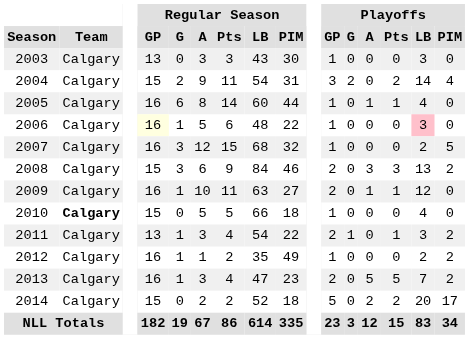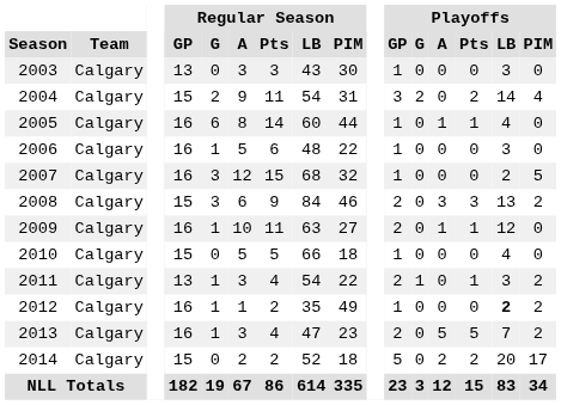 <table BORDER="0" CELLPADDING="3" CELLSPACING="0">
 <tr ALIGN="center" bgcolor="#e0e0e0">
 <th colspan="2" bgcolor="#ffffff"> </th>
 <th rowspan="99" bgcolor="#ffffff"> </th>
 <th colspan="6">Regular Season</th>
 <th rowspan="99" bgcolor="#ffffff"> </th>
 <th colspan="6">Playoffs</th>
 </tr>
 <tr ALIGN="center" bgcolor="#e0e0e0">
 <th>Season</th>
 <th>Team</th>
 <th>GP</th>
 <th>G</th>
 <th>A</th>
 <th>Pts</th>
 <th>LB</th>
 <th>PIM</th>
 <th>GP</th>
 <th>G</th>
 <th>A</th>
 <th>Pts</th>
 <th>LB</th>
 <th>PIM</th>
 </tr>
 <tr ALIGN="center" bgcolor="#f0f0f0">
 <td>2003</td>
 <td>Calgary</td>
 <td>13</td>
 <td>0</td>
 <td>3</td>
 <td>3</td>
 <td>43</td>
 <td>30</td>
 <td>1</td>
 <td>0</td>
 <td>0</td>
 <td>0</td>
 <td>3</td>
 <td>0</td>
 </tr>
 <tr ALIGN="center">
 <td>2004</td>
 <td>Calgary</td>
 <td>15</td>
 <td>2</td>
 <td>9</td>
 <td>11</td>
 <td>54</td>
 <td>31</td>
 <td>3</td>
 <td>2</td>
 <td>0</td>
 <td>2</td>
 <td>14</td>
 <td>4</td>
 </tr>
 <tr ALIGN="center" bgcolor="#f0f0f0">
 <td>2005</td>
 <td>Calgary</td>
 <td>16</td>
 <td>6</td>
 <td>8</td>
 <td>14</td>
 <td>60</td>
 <td>44</td>
 <td>1</td>
 <td>0</td>
 <td>1</td>
 <td>1</td>
 <td>4</td>
 <td>0</td>
 </tr>
 <tr ALIGN="center">
 <td>2006</td>
 <td>Calgary</td>
-<td style="background: lightyellow;">16</td>
+<td>16</td>
 <td>1</td>
 <td>5</td>
 <td>6</td>
 <td>48</td>
 <td>22</td>
 <td>1</td>
 <td>0</td>
 <td>0</td>
 <td>0</td>
-<td style="background: pink;">3</td>
+<td>3</td>
 <td>0</td>
 </tr>
 <tr ALIGN="center" bgcolor="#f0f0f0">
 <td>2007</td>
 <td>Calgary</td>
 <td>16</td>
 <td>3</td>
 <td>12</td>
 <td>15</td>
 <td>68</td>
 <td>32</td>
 <td>1</td>
 <td>0</td>
 <td>0</td>
 <td>0</td>
 <td>2</td>
 <td>5</td>
 </tr>
 <tr ALIGN="center">
 <td>2008</td>
 <td>Calgary</td>
 <td>15</td>
 <td>3</td>
 <td>6</td>
 <td>9</td>
 <td>84</td>
 <td>46</td>
 <td>2</td>
 <td>0</td>
 <td>3</td>
 <td>3</td>
 <td>13</td>
 <td>2</td>
 </tr>
 <tr ALIGN="center" bgcolor="#f0f0f0">
 <td>2009</td>
 <td>Calgary</td>
 <td>16</td>
 <td>1</td>
 <td>10</td>
 <td>11</td>
 <td>63</td>
 <td>27</td>
 <td>2</td>
 <td>0</td>
 <td>1</td>
 <td>1</td>
 <td>12</td>
 <td>0</td>
 </tr>
 <tr ALIGN="center">
 <td>2010</td>
-<td><strong>Calgary</strong></td>
+<td>Calgary</td>
 <td>15</td>
 <td>0</td>
 <td>5</td>
 <td>5</td>
 <td>66</td>
 <td>18</td>
 <td>1</td>
 <td>0</td>
 <td>0</td>
 <td>0</td>
 <td>4</td>
 <td>0</td>
 </tr>
 <tr ALIGN="center" bgcolor="#f0f0f0">
 <td>2011</td>
 <td>Calgary</td>
 <td>13</td>
 <td>1</td>
 <td>3</td>
 <td>4</td>
 <td>54</td>
 <td>22</td>
 <td>2</td>
 <td>1</td>
 <td>0</td>
 <td>1</td>
 <td>3</td>
 <td>2</td>
 </tr>
 <tr ALIGN="center">
 <td>2012</td>
 <td>Calgary</td>
 <td>16</td>
 <td>1</td>
 <td>1</td>
 <td>2</td>
 <td>35</td>
 <td>49</td>
 <td>1</td>
 <td>0</td>
 <td>0</td>
 <td>0</td>
-<td>2</td>
+<td><strong>2</strong></td>
 <td>2</td>
 </tr>
 <tr ALIGN="center" bgcolor="#f0f0f0">
 <td>2013</td>
 <td>Calgary</td>
 <td>16</td>
 <td>1</td>
 <td>3</td>
 <td>4</td>
 <td>47</td>
 <td>23</td>
 <td>2</td>
 <td>0</td>
 <td>5</td>
 <td>5</td>
 <td>7</td>
 <td>2</td>
 </tr>
 <tr ALIGN="center">
 <td>2014</td>
 <td>Calgary</td>
 <td>15</td>
 <td>0</td>
 <td>2</td>
 <td>2</td>
 <td>52</td>
 <td>18</td>
 <td>5</td>
 <td>0</td>
 <td>2</td>
 <td>2</td>
 <td>20</td>
 <td>17</td>
 </tr>
 <tr ALIGN="center" bgcolor="#e0e0e0">
 <th colspan="2">NLL Totals</th>
 <th>182</th>
 <th>19</th>
 <th>67</th>
 <th>86</th>
 <th>614</th>
 <th>335</th>
 <th>23</th>
 <th>3</th>
 <th>12</th>
 <th>15</th>
 <th>83</th>
 <th>34</th>
 </tr>
 </table>
